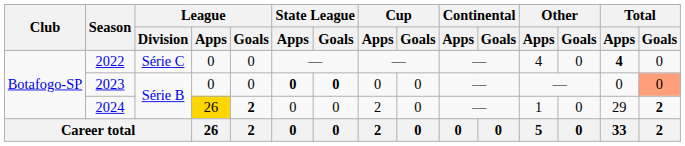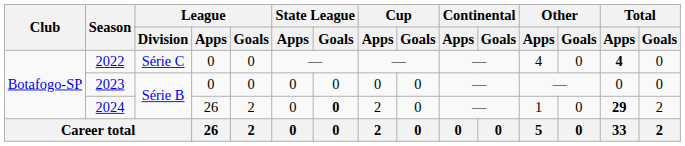 <table class="wikitable" style="text-align: center;">
 <tr>
 <th rowspan="2">Club</th>
 <th rowspan="2">Season</th>
 <th colspan="3">League</th>
 <th colspan="2">State League</th>
 <th colspan="2">Cup</th>
 <th colspan="2">Continental</th>
 <th colspan="2">Other</th>
 <th colspan="2">Total</th>
 </tr>
 <tr>
 <th>Division</th>
 <th>Apps</th>
 <th>Goals</th>
 <th>Apps</th>
 <th>Goals</th>
 <th>Apps</th>
 <th>Goals</th>
 <th>Apps</th>
 <th>Goals</th>
 <th>Apps</th>
 <th>Goals</th>
 <th>Apps</th>
 <th>Goals</th>
 </tr>
 <tr>
 <td rowspan="3" valign="center"><a href='#'>Botafogo-SP</a></td>
 <td><a href='#'>2022</a></td>
 <td><a href='#'>Série C</a></td>
 <td>0</td>
 <td>0</td>
 <td colspan="2">—</td>
 <td colspan="2">—</td>
 <td colspan="2">—</td>
 <td>4</td>
 <td>0</td>
 <td><strong>4</strong></td>
 <td>0</td>
 </tr>
 <tr>
 <td><a href='#'>2023</a></td>
 <td rowspan="2"><a href='#'>Série B</a></td>
 <td>0</td>
 <td>0</td>
-<td><strong>0</strong></td>
-<td><strong>0</strong></td>
+<td>0</td>
+<td>0</td>
 <td>0</td>
 <td>0</td>
 <td colspan="2">—</td>
 <td colspan="2">—</td>
 <td>0</td>
-<td style="background: lightsalmon;">0</td>
+<td>0</td>
 </tr>
 <tr>
 <td><a href='#'>2024</a></td>
-<td style="background: gold;">26</td>
-<td><strong>2</strong></td>
+<td>26</td>
+<td>2</td>
 <td>0</td>
-<td>0</td>
+<td><strong>0</strong></td>
 <td>2</td>
 <td>0</td>
 <td colspan="2">—</td>
 <td>1</td>
 <td>0</td>
-<td>29</td>
-<td><strong>2</strong></td>
+<td><strong>29</strong></td>
+<td>2</td>
 </tr>
 <tr>
 <th colspan="3"><strong>Career total</strong></th>
 <th>26</th>
 <th>2</th>
 <th>0</th>
 <th>0</th>
 <th>2</th>
 <th>0</th>
 <th>0</th>
 <th>0</th>
 <th>5</th>
 <th>0</th>
 <th>33</th>
 <th>2</th>
 </tr>
 </table>
